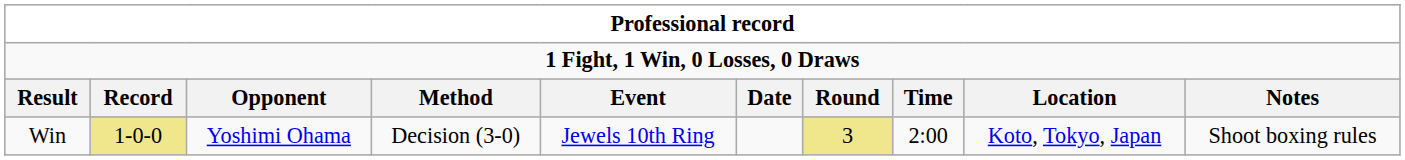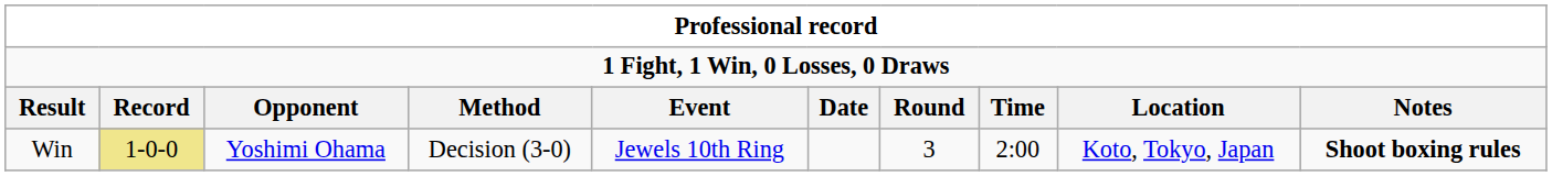 <table class="wikitable collapsible" style="font-size:88%; width:100%; text-align:center;">
 <tr>
 <th colspan=10 style="background:#fff">Professional record</th>
 </tr>
 <tr>
 <td colspan=10><strong>1 Fight, 1 Win, 0 Losses, 0 Draws</strong></td>
 </tr>
 <tr>
 <th>Result</th>
 <th>Record</th>
 <th>Opponent</th>
 <th>Method</th>
 <th>Event</th>
 <th>Date</th>
 <th>Round</th>
 <th>Time</th>
 <th>Location</th>
 <th>Notes</th>
 </tr>
 <tr>
 <td>Win</td>
 <td style="background: khaki;">1-0-0</td>
 <td> <a href='#'>Yoshimi Ohama</a></td>
 <td>Decision (3-0)</td>
 <td><a href='#'>Jewels 10th Ring</a></td>
 <td></td>
-<td style="background: khaki;">3</td>
+<td>3</td>
 <td>2:00</td>
 <td><a href='#'>Koto</a>, <a href='#'>Tokyo</a>, <a href='#'>Japan</a></td>
-<td>Shoot boxing rules</td>
+<td><strong>Shoot boxing rules</strong></td>
 </tr>
 </table>
